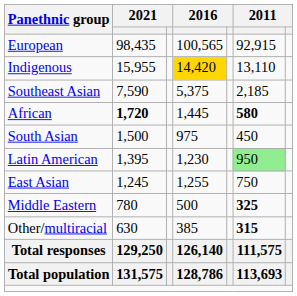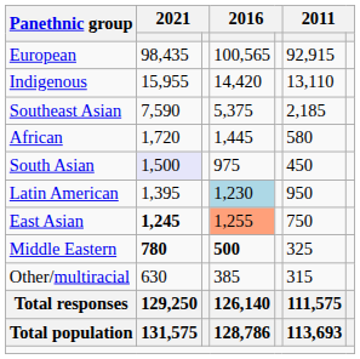 <table class="wikitable collapsible sortable">
 <tr>
 <th rowspan="2"><a href='#'>Panethnic</a> group</th>
 <th colspan="2">2021</th>
 <th colspan="2">2016</th>
 <th colspan="2">2011</th>
 </tr>
 <tr>
 <th><a href='#'></a></th>
 <th></th>
 <th></th>
 <th></th>
 <th></th>
 <th></th>
 </tr>
 <tr>
 <td><a href='#'>European</a></td>
 <td>98,435</td>
 <td></td>
 <td>100,565</td>
 <td></td>
 <td>92,915</td>
 <td></td>
 </tr>
 <tr>
 <td><a href='#'>Indigenous</a></td>
 <td>15,955</td>
 <td></td>
-<td style="background: gold;">14,420</td>
+<td>14,420</td>
 <td></td>
 <td>13,110</td>
 <td></td>
 </tr>
 <tr>
 <td><a href='#'>Southeast Asian</a></td>
 <td>7,590</td>
 <td></td>
 <td>5,375</td>
 <td></td>
 <td>2,185</td>
 <td></td>
 </tr>
 <tr>
 <td><a href='#'>African</a></td>
-<td><strong>1,720</strong></td>
+<td>1,720</td>
 <td></td>
 <td>1,445</td>
 <td></td>
-<td><strong>580</strong></td>
+<td>580</td>
 <td></td>
 </tr>
 <tr>
 <td><a href='#'>South Asian</a></td>
-<td>1,500</td>
+<td style="background: lavender;">1,500</td>
 <td></td>
 <td>975</td>
 <td></td>
 <td>450</td>
 <td></td>
 </tr>
 <tr>
 <td><a href='#'>Latin American</a></td>
 <td>1,395</td>
 <td></td>
-<td>1,230</td>
+<td style="background: lightblue;">1,230</td>
 <td></td>
-<td style="background: lightgreen;">950</td>
+<td>950</td>
 <td></td>
 </tr>
 <tr>
 <td><a href='#'>East Asian</a></td>
-<td>1,245</td>
+<td><strong>1,245</strong></td>
 <td></td>
-<td>1,255</td>
+<td style="background: lightsalmon;">1,255</td>
 <td></td>
 <td>750</td>
 <td></td>
 </tr>
 <tr>
 <td><a href='#'>Middle Eastern</a></td>
-<td>780</td>
+<td><strong>780</strong></td>
 <td></td>
-<td>500</td>
+<td><strong>500</strong></td>
 <td></td>
-<td><strong>325</strong></td>
+<td>325</td>
 <td></td>
 </tr>
 <tr>
 <td>Other/<a href='#'>multiracial</a></td>
 <td>630</td>
 <td></td>
 <td>385</td>
 <td></td>
-<td><strong>315</strong></td>
+<td>315</td>
 <td></td>
 </tr>
 <tr>
 <th>Total responses</th>
 <th>129,250</th>
 <th></th>
 <th>126,140</th>
 <th></th>
 <th>111,575</th>
 <th></th>
 </tr>
 <tr class="sortbottom">
 <th>Total population</th>
 <th>131,575</th>
 <th></th>
 <th>128,786</th>
 <th></th>
 <th>113,693</th>
 <th></th>
 </tr>
 <tr class="sortbottom">
 <td colspan="15"></td>
 </tr>
 </table>
